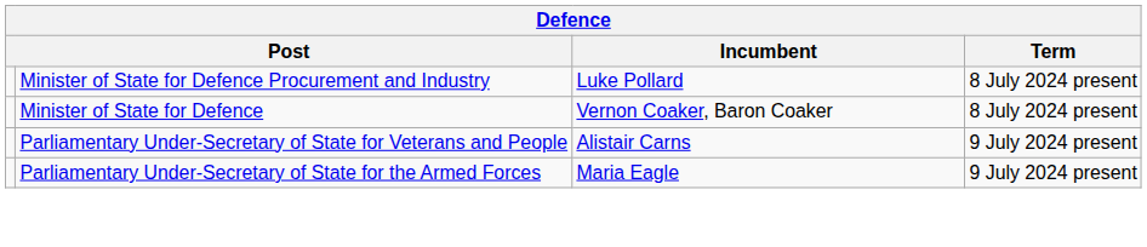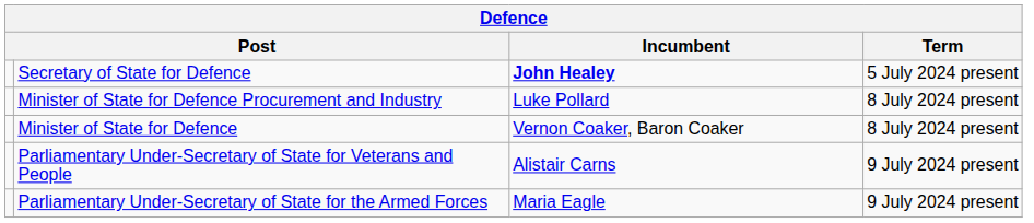 <table class="wikitable">
 <tr>
 <th colspan="4"><a href='#'>Defence</a></th>
 </tr>
 <tr>
 <th colspan="2">Post</th>
 <th>Incumbent</th>
 <th>Term</th>
+</tr>
+<tr>
+<td style="width: 1px; background: "></td>
+<td style="width: 450px;"><a href='#'>Secretary of State for Defence</a></td>
+<td style="width: 320px;"><strong><a href='#'>John Healey</a></strong></td>
+<td>5 July 2024 present</td>
 </tr>
 <tr>
 <td style="width: 1px; background: "></td>
 <td><a href='#'>Minister of State for Defence Procurement and Industry</a></td>
 <td><a href='#'>Luke Pollard</a></td>
 <td>8 July 2024 present</td>
 </tr>
 <tr>
 <td rowspan="1" style="width: 1px; background: "></td>
 <td rowspan="1"><a href='#'>Minister of State for Defence</a></td>
 <td><a href='#'>Vernon Coaker</a>, Baron Coaker</td>
 <td>8 July 2024 present</td>
 </tr>
 <tr>
 <td rowspan="1" style="width: 1px; background: "></td>
 <td><a href='#'>Parliamentary Under-Secretary of State for Veterans and People</a></td>
 <td><a href='#'>Alistair Carns</a></td>
 <td>9 July 2024 present</td>
 </tr>
 <tr>
 <td rowspan="1" style="width: 1px; background: "></td>
 <td><a href='#'>Parliamentary Under-Secretary of State for the Armed Forces</a></td>
 <td style="width: 320px;"><a href='#'>Maria Eagle</a></td>
 <td>9 July 2024 present</td>
 </tr>
 </table>
